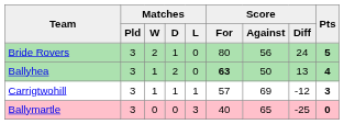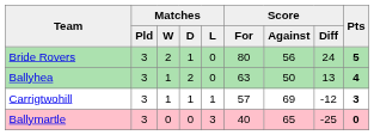 <table style=border-collapse:collapse border=1 cellspacing=0 cellpadding=5>
 <tr align=center bgcolor=#efefef>
 <th rowspan=2 width=165>Team</th>
 <th colspan=4>Matches</th>
 <th colspan=3>Score</th>
 <th rowspan=2width=20>Pts</th>
 </tr>
 <tr align=center bgcolor=#efefef>
 <th width=20>Pld</th>
 <th width=20>W</th>
 <th width=20>D</th>
 <th width=20>L</th>
 <th width=45>For</th>
 <th width=45>Against</th>
 <th width=30>Diff</th>
 </tr>
 <tr align=center style="background:#ACE1AF;">
 <td style="text-align:left;"><a href='#'>Bride Rovers</a></td>
 <td>3</td>
 <td>2</td>
 <td>1</td>
 <td>0</td>
 <td>80</td>
 <td>56</td>
 <td>24</td>
 <td><strong>5</strong></td>
 </tr>
 <tr align=center style="background:#ACE1AF;">
 <td style="text-align:left;"><a href='#'>Ballyhea</a></td>
 <td>3</td>
 <td>1</td>
 <td>2</td>
 <td>0</td>
-<td><strong>63</strong></td>
+<td>63</td>
 <td>50</td>
 <td>13</td>
 <td><strong>4</strong></td>
 </tr>
 <tr align=center>
 <td style="text-align:left;"><a href='#'>Carrigtwohill</a></td>
 <td>3</td>
 <td>1</td>
 <td>1</td>
 <td>1</td>
 <td>57</td>
 <td>69</td>
 <td>-12</td>
 <td><strong>3</strong></td>
 </tr>
 <tr align=center style="background:#FFC0CB;">
 <td style="text-align:left;"><a href='#'>Ballymartle</a></td>
 <td>3</td>
 <td>0</td>
 <td>0</td>
 <td>3</td>
 <td>40</td>
 <td>65</td>
 <td>-25</td>
 <td><strong>0</strong></td>
 </tr>
 </table>
